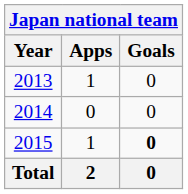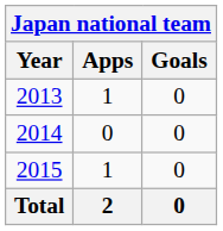 <table class="wikitable" style="text-align:center">
 <tr>
 <th colspan=3><a href='#'>Japan national team</a></th>
 </tr>
 <tr>
 <th>Year</th>
 <th>Apps</th>
 <th>Goals</th>
 </tr>
 <tr>
 <td><a href='#'>2013</a></td>
 <td>1</td>
 <td>0</td>
 </tr>
 <tr>
 <td><a href='#'>2014</a></td>
 <td>0</td>
 <td>0</td>
 </tr>
 <tr>
 <td><a href='#'>2015</a></td>
 <td>1</td>
-<td><strong>0</strong></td>
+<td>0</td>
 </tr>
 <tr>
 <th>Total</th>
 <th>2</th>
 <th>0</th>
 </tr>
 </table>
